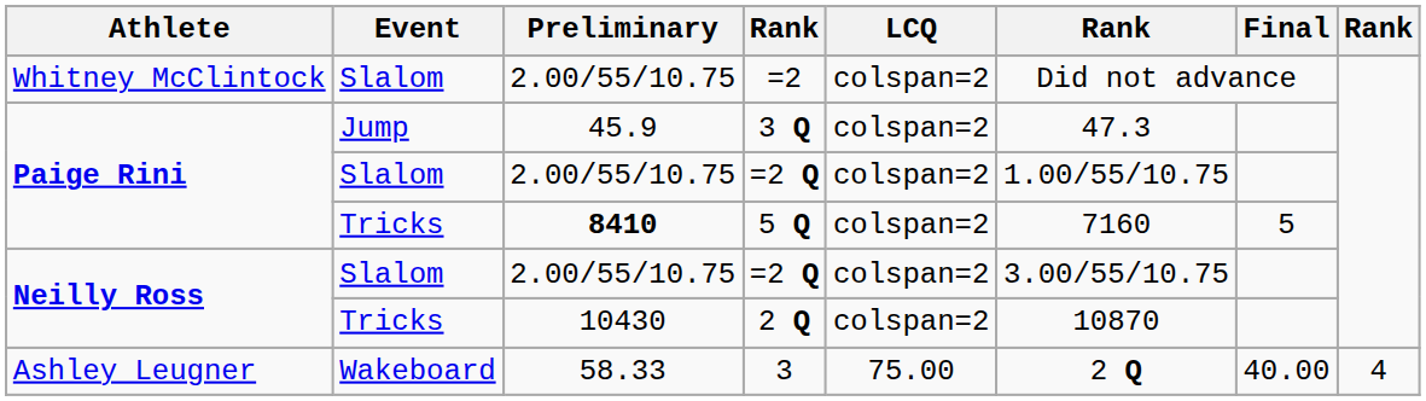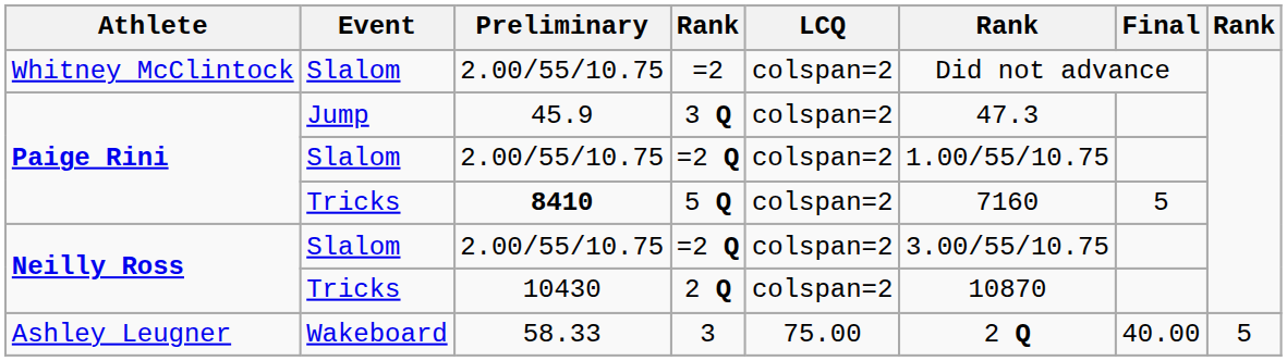 <table class="wikitable" style="font-size:90%">
 <tr>
 <th>Athlete</th>
 <th>Event</th>
 <th>Preliminary</th>
 <th>Rank</th>
 <th>LCQ</th>
 <th>Rank</th>
 <th>Final</th>
 <th>Rank</th>
 </tr>
 <tr align=center>
 <td align=left><a href='#'>Whitney McClintock</a></td>
 <td align=left><a href='#'>Slalom</a></td>
 <td>2.00/55/10.75</td>
 <td>=2</td>
 <td>colspan=2 </td>
 <td colspan=2>Did not advance</td>
 </tr>
 <tr align=center>
 <td rowspan=3 align=left><strong><a href='#'>Paige Rini</a></strong></td>
 <td align=left><a href='#'>Jump</a></td>
 <td>45.9</td>
 <td>3 <strong>Q</strong></td>
 <td>colspan=2 </td>
 <td>47.3</td>
 <td></td>
 </tr>
 <tr align=center>
 <td align=left><a href='#'>Slalom</a></td>
 <td>2.00/55/10.75</td>
 <td>=2 <strong>Q</strong></td>
 <td>colspan=2 </td>
 <td>1.00/55/10.75</td>
 <td></td>
 </tr>
 <tr align=center>
 <td align=left><a href='#'>Tricks</a></td>
 <td><strong>8410</strong></td>
 <td>5 <strong>Q</strong></td>
 <td>colspan=2 </td>
 <td>7160</td>
 <td>5</td>
 </tr>
 <tr align=center>
 <td rowspan=2 align=left><strong><a href='#'>Neilly Ross</a></strong></td>
 <td align=left><a href='#'>Slalom</a></td>
 <td>2.00/55/10.75</td>
 <td>=2 <strong>Q</strong></td>
 <td>colspan=2 </td>
 <td>3.00/55/10.75</td>
 <td></td>
 </tr>
 <tr align=center>
 <td align=left><a href='#'>Tricks</a></td>
 <td>10430</td>
 <td>2 <strong>Q</strong></td>
 <td>colspan=2 </td>
 <td>10870</td>
 <td></td>
 </tr>
 <tr align=center>
 <td align=left><a href='#'>Ashley Leugner</a></td>
 <td align=left><a href='#'>Wakeboard</a></td>
 <td>58.33</td>
 <td>3 </td>
 <td>75.00</td>
 <td>2 <strong>Q</strong></td>
 <td>40.00</td>
-<td>4</td>
+<td>5</td>
 </tr>
 </table>
